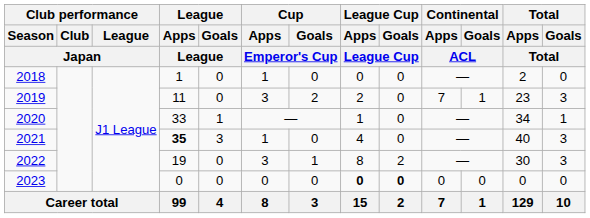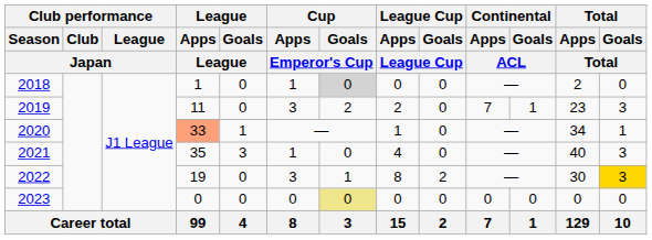 <table class="wikitable" style="text-align:center">
 <tr>
 <th colspan=3>Club performance</th>
 <th colspan=2>League</th>
 <th colspan=2>Cup</th>
 <th colspan=2>League Cup</th>
 <th colspan=2>Continental</th>
 <th colspan=2>Total</th>
 </tr>
 <tr>
 <th>Season</th>
 <th>Club</th>
 <th>League</th>
 <th>Apps</th>
 <th>Goals</th>
 <th>Apps</th>
 <th>Goals</th>
 <th>Apps</th>
 <th>Goals</th>
 <th>Apps</th>
 <th>Goals</th>
 <th>Apps</th>
 <th>Goals</th>
 </tr>
 <tr>
 <th colspan=3>Japan</th>
 <th colspan=2>League</th>
 <th colspan=2><a href='#'>Emperor's Cup</a></th>
 <th colspan=2><a href='#'>League Cup</a></th>
 <th colspan=2><a href='#'>ACL</a></th>
 <th colspan=2>Total</th>
 </tr>
 <tr>
 <td><a href='#'>2018</a></td>
 <td rowspan="6"></td>
 <td rowspan="6"><a href='#'>J1 League</a></td>
 <td>1</td>
 <td>0</td>
 <td>1</td>
-<td>0</td>
+<td style="background: lightgrey;">0</td>
 <td>0</td>
 <td>0</td>
 <td colspan="2">—</td>
 <td>2</td>
 <td>0</td>
 </tr>
 <tr>
 <td><a href='#'>2019</a></td>
 <td>11</td>
 <td>0</td>
 <td>3</td>
 <td>2</td>
 <td>2</td>
 <td>0</td>
 <td>7</td>
 <td>1</td>
 <td>23</td>
 <td>3</td>
 </tr>
 <tr>
 <td><a href='#'>2020</a></td>
-<td>33</td>
+<td style="background: lightsalmon;">33</td>
 <td>1</td>
 <td colspan="2">—</td>
 <td>1</td>
 <td>0</td>
 <td colspan="2">—</td>
 <td>34</td>
 <td>1</td>
 </tr>
 <tr>
 <td><a href='#'>2021</a></td>
-<td><strong>35</strong></td>
+<td>35</td>
 <td>3</td>
 <td>1</td>
 <td>0</td>
 <td>4</td>
 <td>0</td>
 <td colspan="2">—</td>
 <td>40</td>
 <td>3</td>
 </tr>
 <tr>
 <td><a href='#'>2022</a></td>
 <td>19</td>
 <td>0</td>
 <td>3</td>
 <td>1</td>
 <td>8</td>
 <td>2</td>
 <td colspan="2">—</td>
 <td>30</td>
-<td>3</td>
+<td style="background: gold;">3</td>
 </tr>
 <tr>
 <td><a href='#'>2023</a></td>
 <td>0</td>
 <td>0</td>
 <td>0</td>
+<td style="background: khaki;">0</td>
 <td>0</td>
-<td><strong>0</strong></td>
-<td><strong>0</strong></td>
+<td>0</td>
 <td>0</td>
 <td>0</td>
 <td>0</td>
 <td>0</td>
 </tr>
 <tr>
 <th colspan=3>Career total</th>
 <th>99</th>
 <th>4</th>
 <th>8</th>
 <th>3</th>
 <th>15</th>
 <th>2</th>
 <th>7</th>
 <th>1</th>
 <th>129</th>
 <th>10</th>
 </tr>
 </table>
